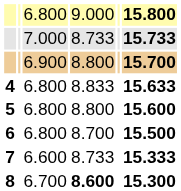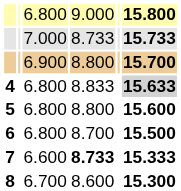 <table>
 <tr style="background:#fffcaf;">
 <th scope=row style="text-align:center"></th>
 <td style="text-align:left;"></td>
 <td>6.800</td>
 <td>9.000</td>
 <td></td>
 <td><strong>15.800</strong></td>
 </tr>
 <tr style="background:#e5e5e5;">
 <th scope=row style="text-align:center"></th>
 <td style="text-align:left;"></td>
 <td>7.000</td>
 <td>8.733</td>
 <td></td>
 <td><strong>15.733</strong></td>
 </tr>
 <tr style="background:#ec9;">
 <th scope=row style="text-align:center"></th>
 <td style="text-align:left;"></td>
 <td>6.900</td>
 <td>8.800</td>
 <td></td>
 <td><strong>15.700</strong></td>
 </tr>
 <tr>
 <th scope=row style="text-align:center">4</th>
 <td style="text-align:left;"></td>
 <td>6.800</td>
 <td>8.833</td>
 <td></td>
-<td><strong>15.633</strong></td>
+<td style="background: lightgrey;"><strong>15.633</strong></td>
 </tr>
 <tr>
 <th scope=row style="text-align:center">5</th>
 <td style="text-align:left;"></td>
 <td>6.800</td>
 <td>8.800</td>
 <td></td>
 <td><strong>15.600</strong></td>
 </tr>
 <tr>
 <th scope=row style="text-align:center">6</th>
 <td style="text-align:left;"></td>
 <td>6.800</td>
 <td>8.700</td>
 <td></td>
 <td><strong>15.500</strong></td>
 </tr>
 <tr>
 <th scope=row style="text-align:center">7</th>
 <td style="text-align:left;"></td>
 <td>6.600</td>
-<td>8.733</td>
+<td><strong>8.733</strong></td>
 <td></td>
 <td><strong>15.333</strong></td>
 </tr>
 <tr>
 <th scope=row style="text-align:center">8</th>
 <td style="text-align:left;"></td>
 <td>6.700</td>
-<td><strong>8.600</strong></td>
+<td>8.600</td>
 <td></td>
 <td><strong>15.300</strong></td>
 </tr>
 </table>
